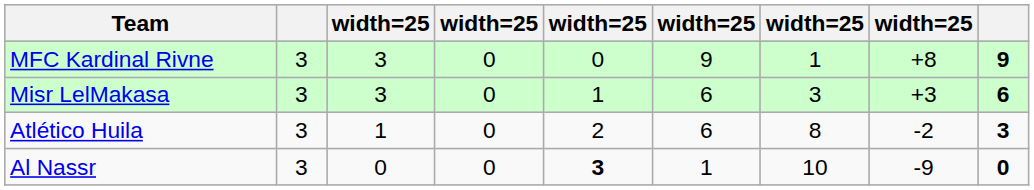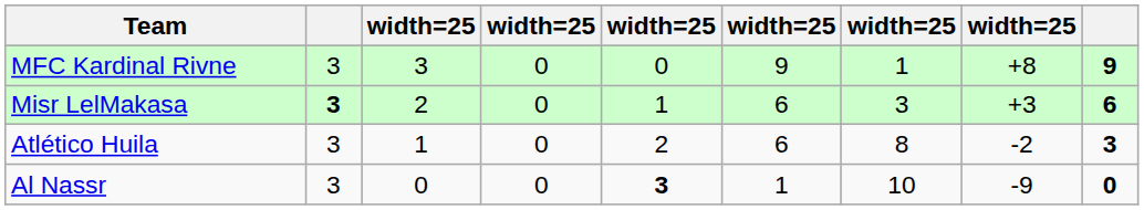 <table class="wikitable" style="text-align: center; font-size: 90%;">
 <tr>
 <th width="165">Team</th>
 <th width=25></th>
 <th>width=25</th>
 <th>width=25</th>
 <th>width=25</th>
 <th>width=25</th>
 <th>width=25</th>
 <th>width=25</th>
 <th width=25></th>
 </tr>
 <tr style="background:#cfc;">
 <td style="text-align:left;"> <a href='#'>MFC Kardinal Rivne</a></td>
 <td>3</td>
 <td>3</td>
 <td>0</td>
 <td>0</td>
 <td>9</td>
 <td>1</td>
 <td>+8</td>
 <td><strong>9</strong></td>
 </tr>
 <tr style="background:#cfc;">
 <td style="text-align:left;"> <a href='#'>Misr LelMakasa</a></td>
-<td>3</td>
-<td>3</td>
+<td><strong>3</strong></td>
+<td>2</td>
 <td>0</td>
 <td>1</td>
 <td>6</td>
 <td>3</td>
 <td>+3</td>
 <td><strong>6</strong></td>
 </tr>
 <tr>
 <td style="text-align:left;"> <a href='#'>Atlético Huila</a></td>
 <td>3</td>
 <td>1</td>
 <td>0</td>
 <td>2</td>
 <td>6</td>
 <td>8</td>
 <td>-2</td>
 <td><strong>3</strong></td>
 </tr>
 <tr>
 <td style="text-align:left;"> <a href='#'>Al Nassr</a></td>
 <td>3</td>
 <td>0</td>
 <td>0</td>
 <td><strong>3</strong></td>
 <td>1</td>
 <td>10</td>
 <td>-9</td>
 <td><strong>0</strong></td>
 </tr>
 </table>
